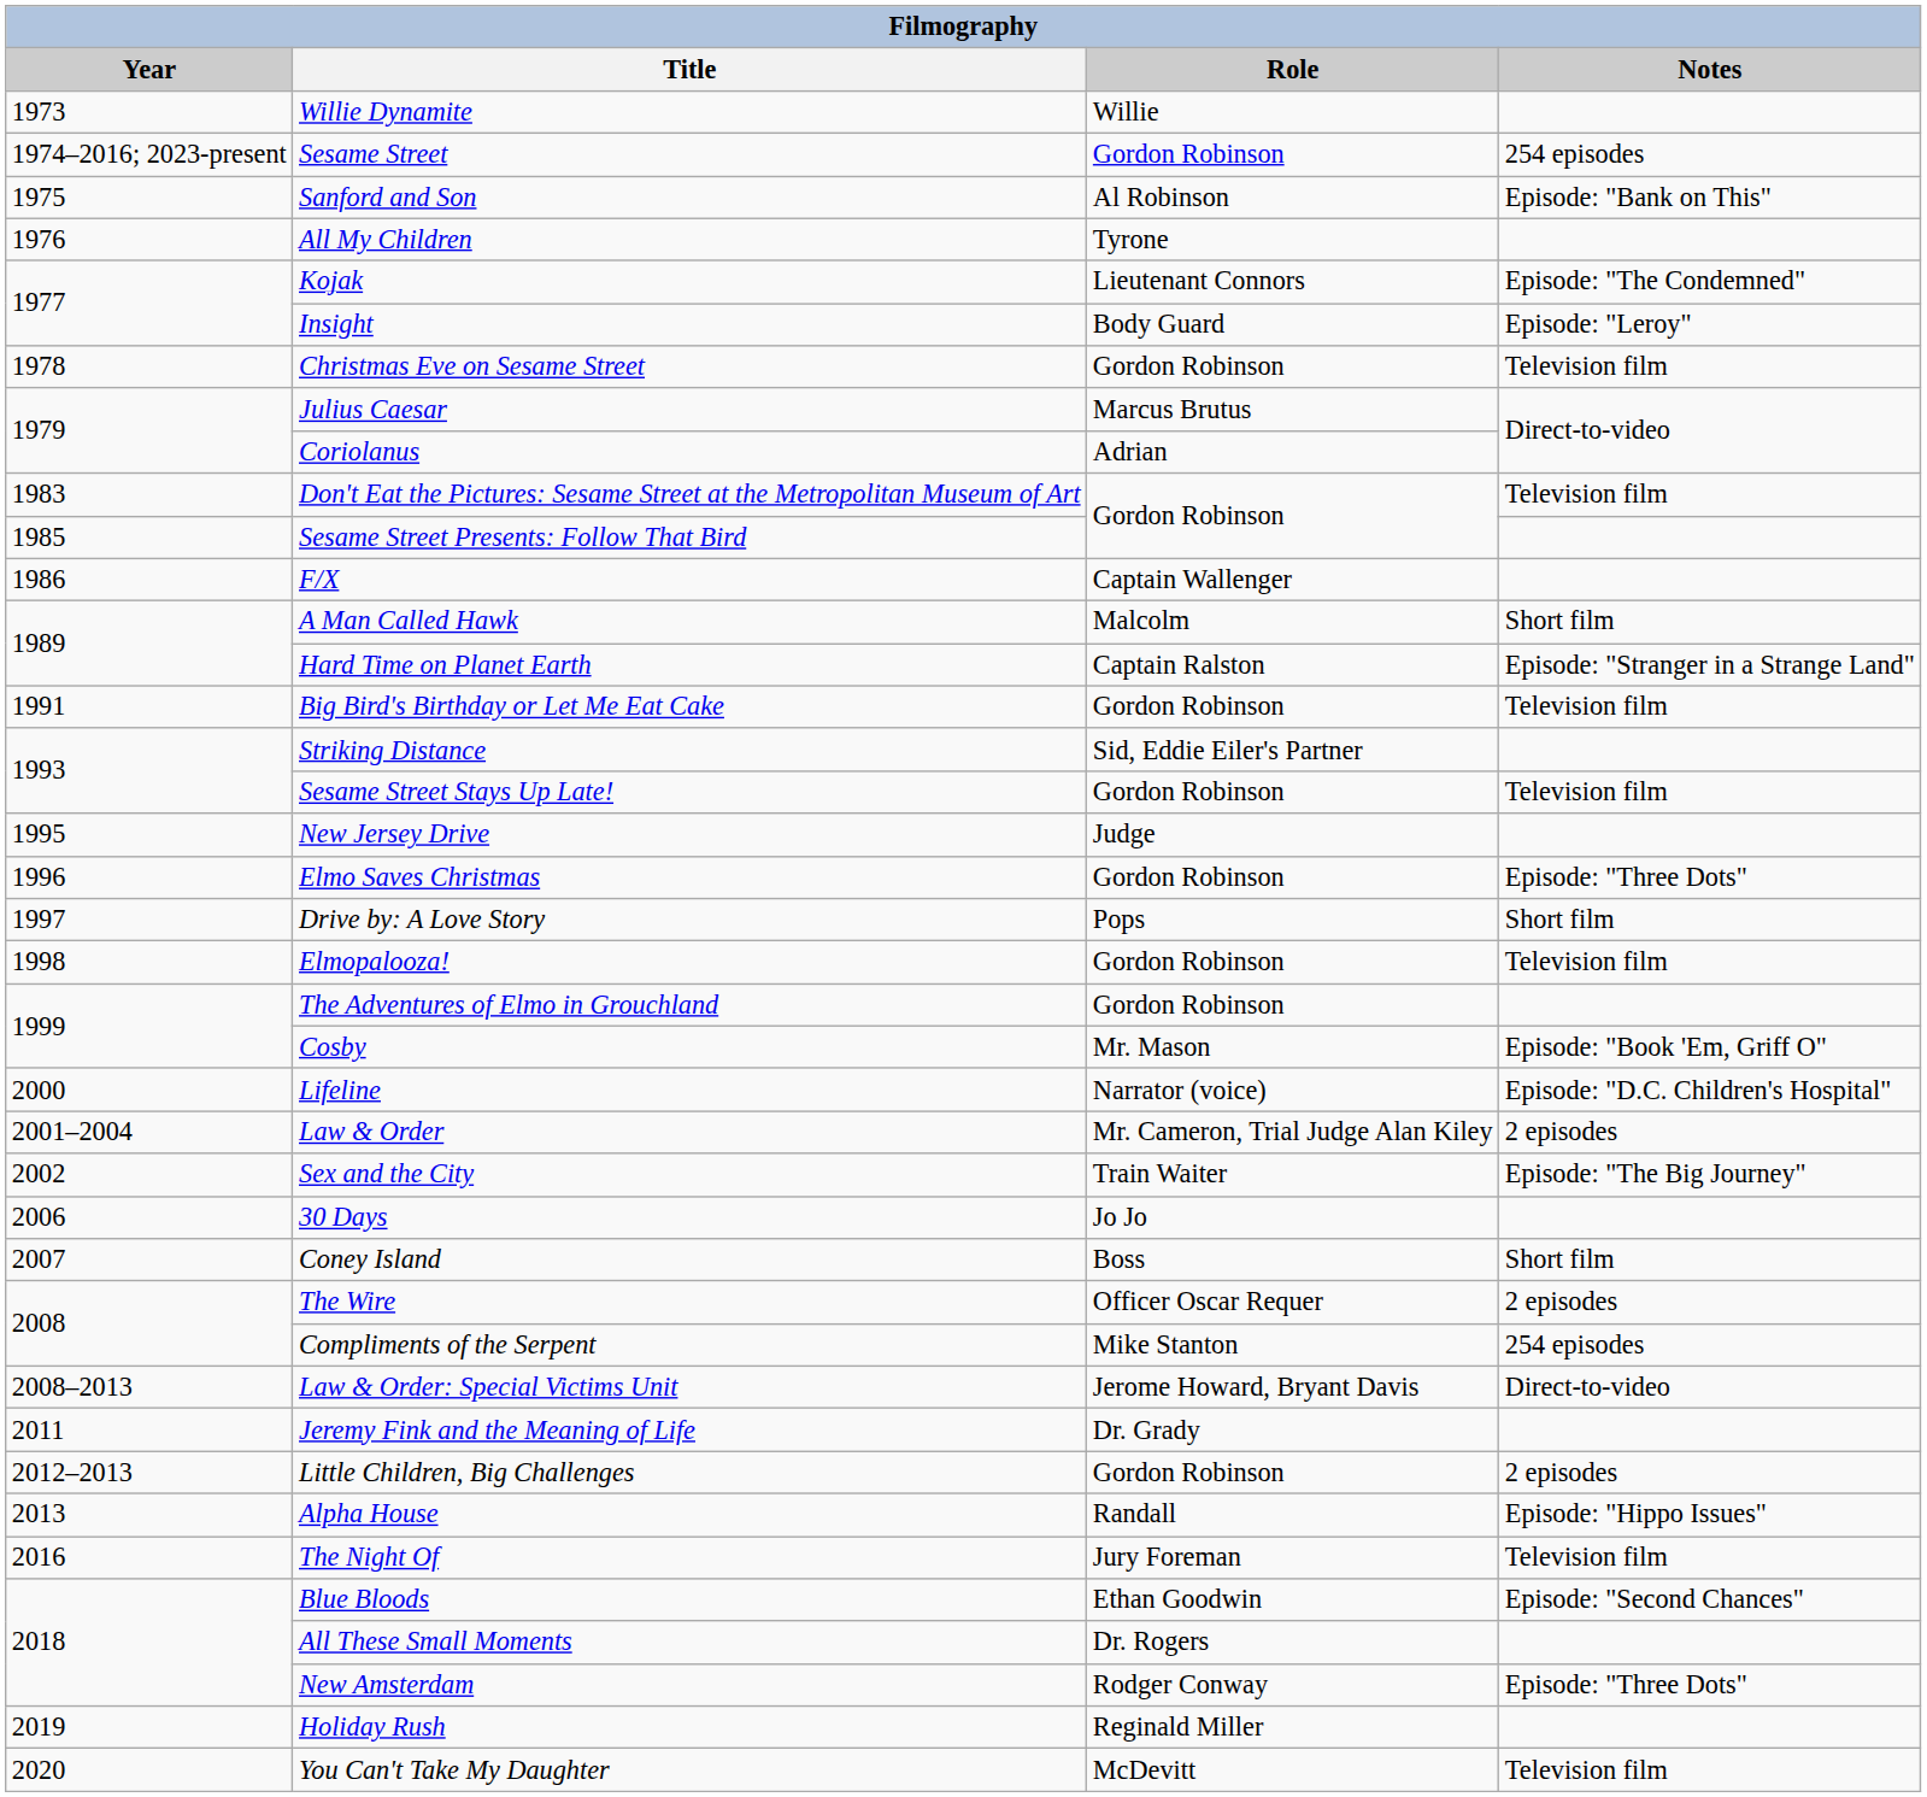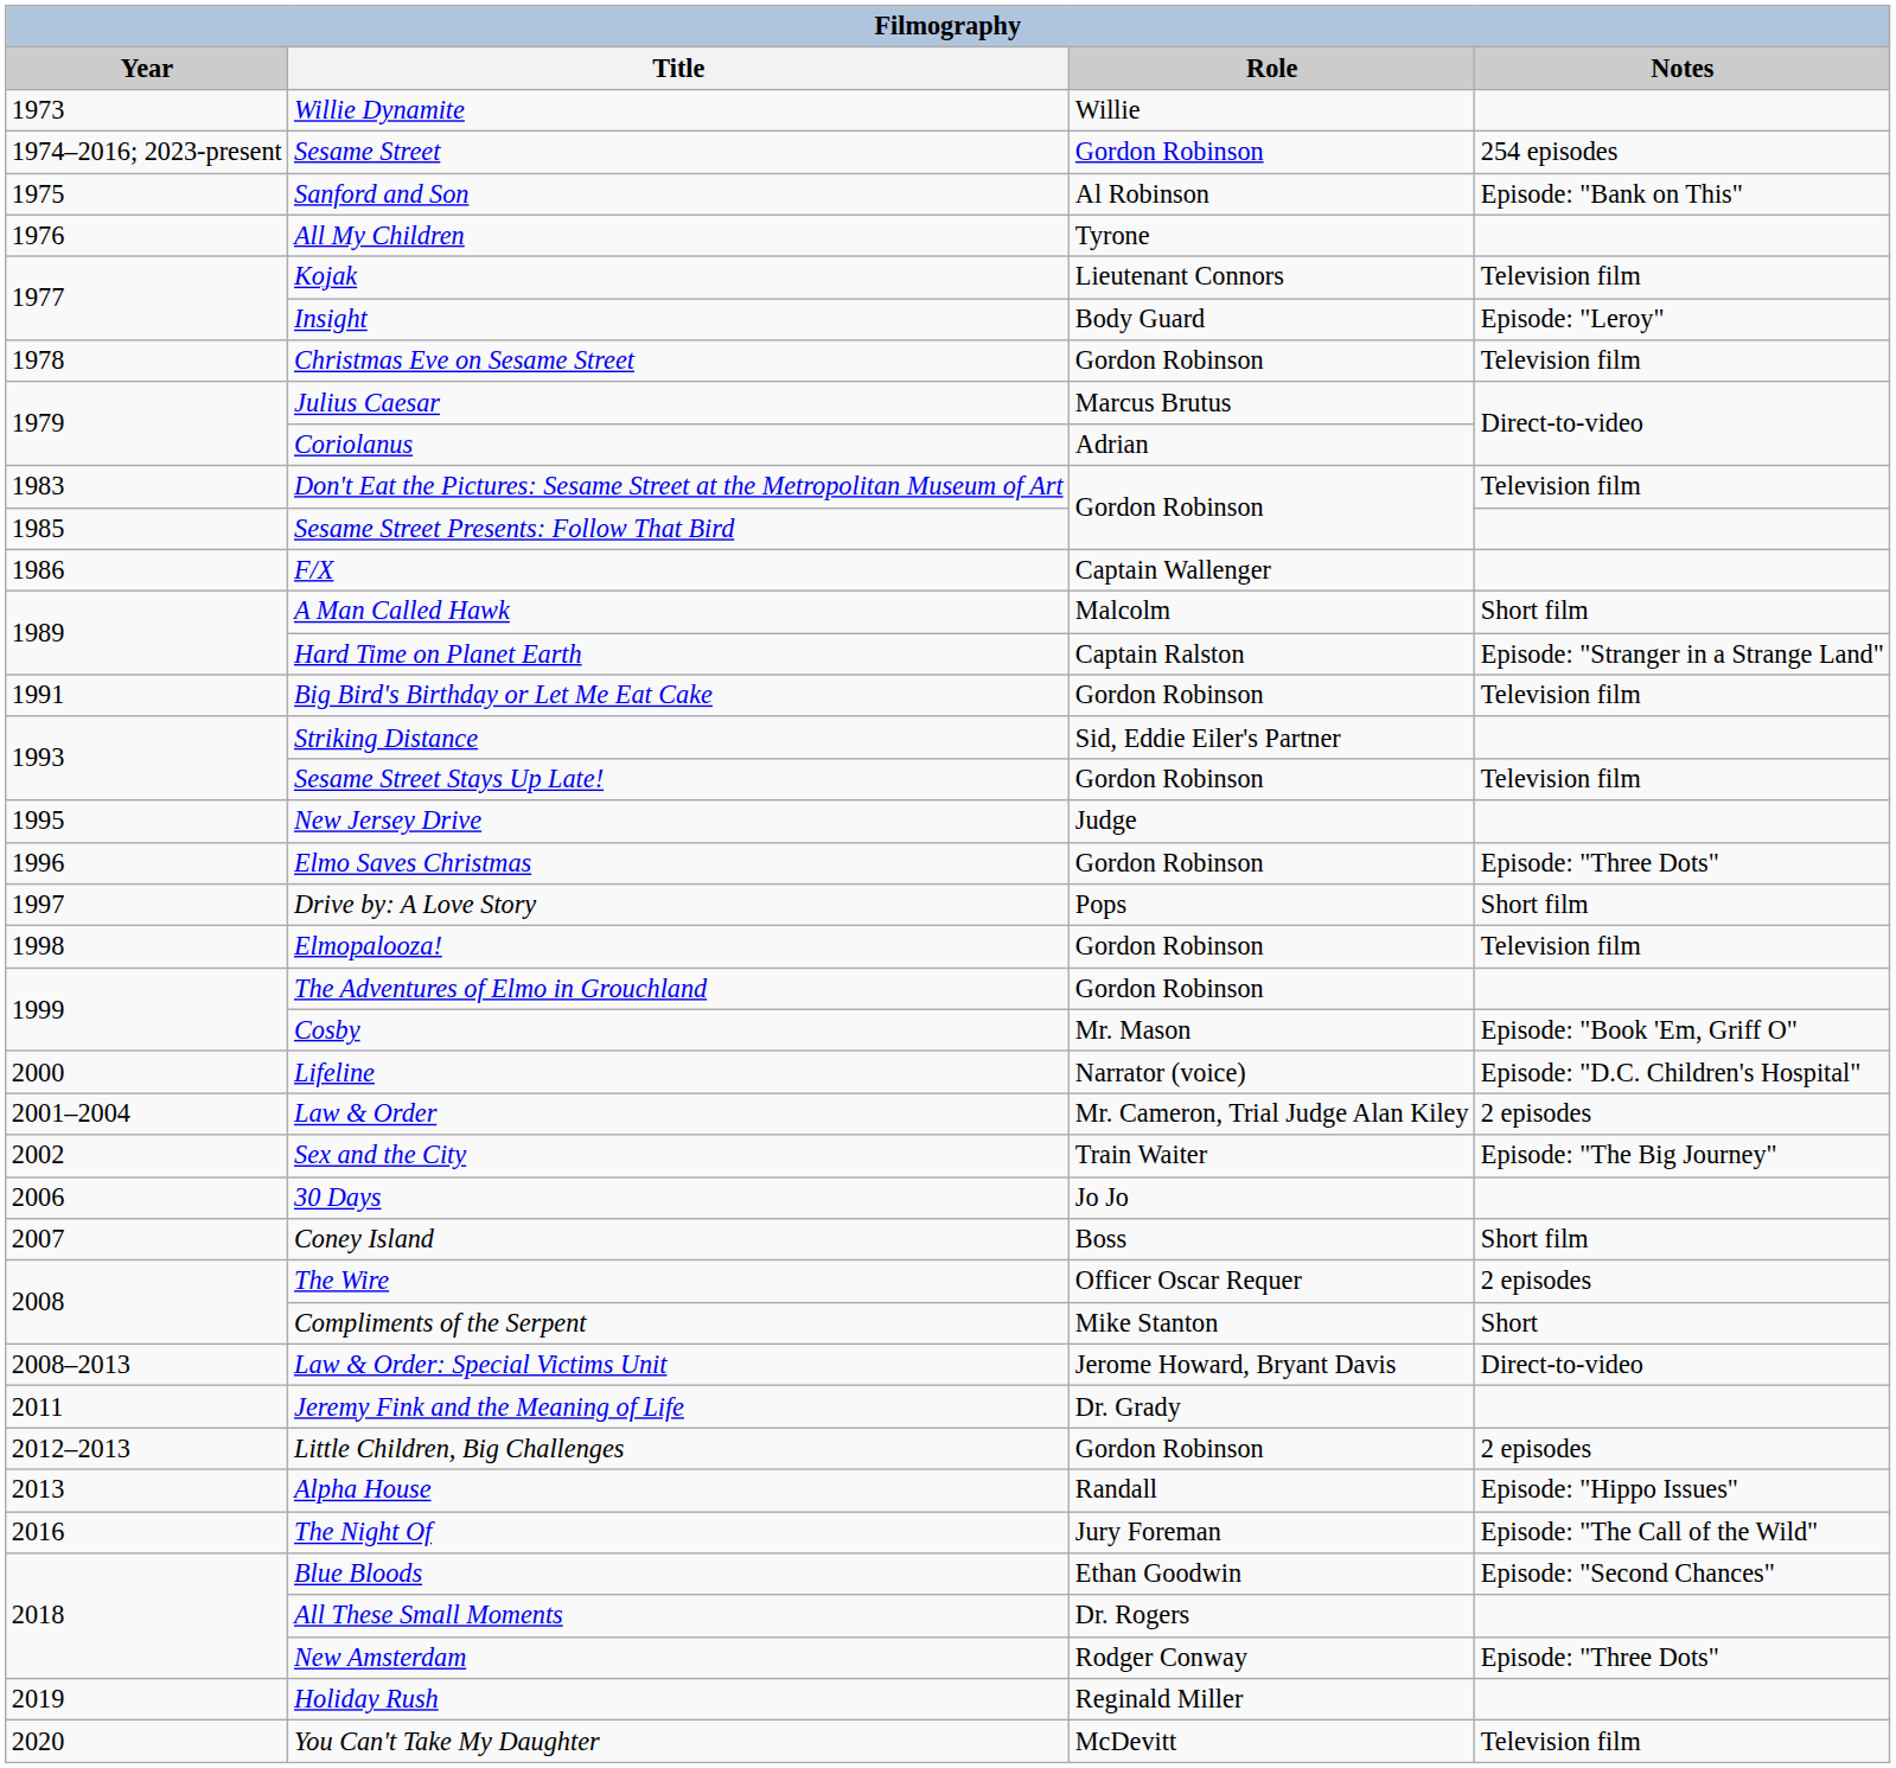 <table class="wikitable">
 <tr style="text-align:center;">
 <th colspan=4 style="background:#B0C4DE;">Filmography</th>
 </tr>
 <tr style="text-align:center;">
 <th style="background:#ccc;">Year</th>
 <th style="bacekground:#ccc;">Title</th>
 <th style="background:#ccc;">Role</th>
 <th style="background:#ccc;">Notes</th>
 </tr>
 <tr>
 <td>1973</td>
 <td><em><a href='#'>Willie Dynamite</a></em></td>
 <td>Willie</td>
 <td></td>
 </tr>
 <tr>
 <td>1974–2016; 2023-present</td>
 <td><em><a href='#'>Sesame Street</a></em></td>
 <td><a href='#'>Gordon Robinson</a></td>
 <td>254 episodes</td>
 </tr>
 <tr>
 <td>1975</td>
 <td><em><a href='#'>Sanford and Son</a></em></td>
 <td>Al Robinson</td>
 <td>Episode: "Bank on This"</td>
 </tr>
 <tr>
 <td>1976</td>
 <td><em><a href='#'>All My Children</a></em></td>
 <td>Tyrone</td>
 <td></td>
 </tr>
 <tr>
 <td rowspan="2">1977</td>
 <td><em><a href='#'>Kojak</a></em></td>
 <td>Lieutenant Connors</td>
-<td>Episode: "The Condemned"</td>
+<td>Television film</td>
 </tr>
 <tr>
 <td><em><a href='#'>Insight</a></em></td>
 <td>Body Guard</td>
 <td>Episode: "Leroy"</td>
 </tr>
 <tr>
 <td>1978</td>
 <td><em><a href='#'>Christmas Eve on Sesame Street</a></em></td>
 <td>Gordon Robinson</td>
 <td>Television film</td>
 </tr>
 <tr>
 <td rowspan="2">1979</td>
 <td><em><a href='#'>Julius Caesar</a></em></td>
 <td>Marcus Brutus</td>
 <td rowspan="2">Direct-to-video</td>
 </tr>
 <tr>
 <td><em><a href='#'>Coriolanus</a></em></td>
 <td>Adrian</td>
 </tr>
 <tr>
 <td>1983</td>
 <td><em><a href='#'>Don't Eat the Pictures: Sesame Street at the Metropolitan Museum of Art</a></em></td>
 <td rowspan="2">Gordon Robinson</td>
 <td>Television film</td>
 </tr>
 <tr>
 <td>1985</td>
 <td><em><a href='#'>Sesame Street Presents: Follow That Bird</a></em></td>
 <td></td>
 </tr>
 <tr>
 <td>1986</td>
 <td><em><a href='#'>F/X</a></em></td>
 <td>Captain Wallenger</td>
 <td></td>
 </tr>
 <tr>
 <td rowspan="2">1989</td>
 <td><em><a href='#'>A Man Called Hawk</a></em></td>
 <td>Malcolm</td>
 <td>Short film</td>
 </tr>
 <tr>
 <td><em><a href='#'>Hard Time on Planet Earth</a></em></td>
 <td>Captain Ralston</td>
 <td>Episode: "Stranger in a Strange Land"</td>
 </tr>
 <tr>
 <td>1991</td>
 <td><em><a href='#'>Big Bird's Birthday or Let Me Eat Cake</a></em></td>
 <td>Gordon Robinson</td>
 <td>Television film</td>
 </tr>
 <tr>
 <td rowspan="2">1993</td>
 <td><em><a href='#'>Striking Distance</a></em></td>
 <td>Sid, Eddie Eiler's Partner</td>
 <td></td>
 </tr>
 <tr>
 <td><em><a href='#'>Sesame Street Stays Up Late!</a></em></td>
 <td>Gordon Robinson</td>
 <td>Television film</td>
 </tr>
 <tr>
 <td>1995</td>
 <td><em><a href='#'>New Jersey Drive</a></em></td>
 <td>Judge</td>
 <td></td>
 </tr>
 <tr>
 <td>1996</td>
 <td><em><a href='#'>Elmo Saves Christmas</a></em></td>
 <td>Gordon Robinson</td>
 <td>Episode: "Three Dots"</td>
 </tr>
 <tr>
 <td>1997</td>
 <td><em>Drive by: A Love Story</em></td>
 <td>Pops</td>
 <td>Short film</td>
 </tr>
 <tr>
 <td>1998</td>
 <td><em><a href='#'>Elmopalooza!</a></em></td>
 <td>Gordon Robinson</td>
 <td>Television film</td>
 </tr>
 <tr>
 <td rowspan="2">1999</td>
 <td><em><a href='#'>The Adventures of Elmo in Grouchland</a></em></td>
 <td>Gordon Robinson</td>
 <td></td>
 </tr>
 <tr>
 <td><em><a href='#'>Cosby</a></em></td>
 <td>Mr. Mason</td>
 <td>Episode: "Book 'Em, Griff O"</td>
 </tr>
 <tr>
 <td>2000</td>
 <td><em><a href='#'>Lifeline</a></em></td>
 <td>Narrator (voice)</td>
 <td>Episode: "D.C. Children's Hospital"</td>
 </tr>
 <tr>
 <td>2001–2004</td>
 <td><em><a href='#'>Law & Order</a></em></td>
 <td>Mr. Cameron, Trial Judge Alan Kiley</td>
 <td>2 episodes</td>
 </tr>
 <tr>
 <td>2002</td>
 <td><em><a href='#'>Sex and the City</a></em></td>
 <td>Train Waiter</td>
 <td>Episode: "The Big Journey"</td>
 </tr>
 <tr>
 <td>2006</td>
 <td><em><a href='#'>30 Days</a></em></td>
 <td>Jo Jo</td>
 <td></td>
 </tr>
 <tr>
 <td>2007</td>
 <td><em>Coney Island</em></td>
 <td>Boss</td>
 <td>Short film</td>
 </tr>
 <tr>
 <td rowspan="2">2008</td>
 <td><em><a href='#'>The Wire</a></em></td>
 <td>Officer Oscar Requer</td>
 <td>2 episodes</td>
 </tr>
 <tr>
 <td><em>Compliments of the Serpent</em></td>
 <td>Mike Stanton</td>
-<td>254 episodes</td>
+<td>Short</td>
 </tr>
 <tr>
 <td>2008–2013</td>
 <td><em><a href='#'>Law & Order: Special Victims Unit</a></em></td>
 <td>Jerome Howard, Bryant Davis</td>
 <td>Direct-to-video</td>
 </tr>
 <tr>
 <td>2011</td>
 <td><em><a href='#'>Jeremy Fink and the Meaning of Life</a></em></td>
 <td>Dr. Grady</td>
 <td></td>
 </tr>
 <tr>
 <td>2012–2013</td>
 <td><em>Little Children, Big Challenges</em></td>
 <td>Gordon Robinson</td>
 <td>2 episodes</td>
 </tr>
 <tr>
 <td>2013</td>
 <td><em><a href='#'>Alpha House</a></em></td>
 <td>Randall</td>
 <td>Episode: "Hippo Issues"</td>
 </tr>
 <tr>
 <td>2016</td>
 <td><em><a href='#'>The Night Of</a></em></td>
 <td>Jury Foreman</td>
-<td>Television film</td>
+<td>Episode: "The Call of the Wild"</td>
 </tr>
 <tr>
 <td rowspan="3">2018</td>
 <td><em><a href='#'>Blue Bloods</a></em></td>
 <td>Ethan Goodwin</td>
 <td>Episode: "Second Chances"</td>
 </tr>
 <tr>
 <td><em><a href='#'>All These Small Moments</a></em></td>
 <td>Dr. Rogers</td>
 <td></td>
 </tr>
 <tr>
 <td><em><a href='#'>New Amsterdam</a></em></td>
 <td>Rodger Conway</td>
 <td>Episode: "Three Dots"</td>
 </tr>
 <tr>
 <td>2019</td>
 <td><em><a href='#'>Holiday Rush</a></em></td>
 <td>Reginald Miller</td>
 <td></td>
 </tr>
 <tr>
 <td>2020</td>
 <td><em>You Can't Take My Daughter</em></td>
 <td>McDevitt</td>
 <td>Television film</td>
 </tr>
 </table>
